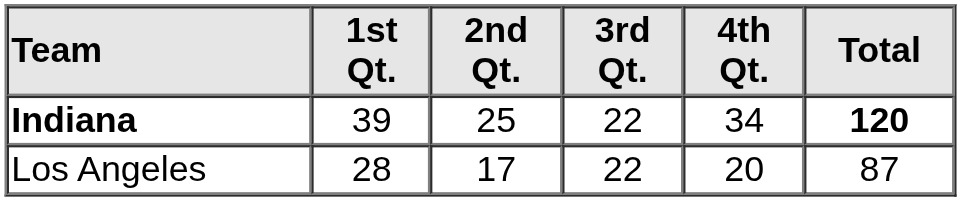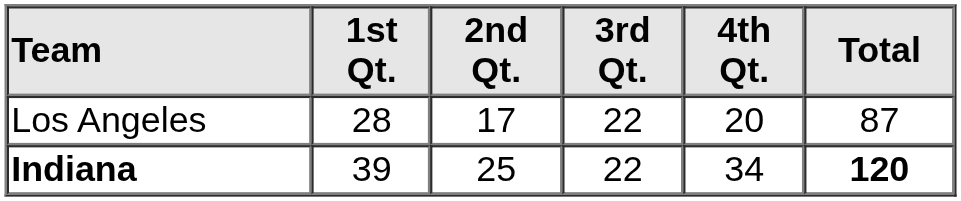 <table border=1 cellspacing=0 width=425 style="margin-left:3em;">
 <tr style="text-align:center; background-color:#e6e6e6;">
 <th align=left width=16%>Team</th>
 <th width=6%>1st Qt.</th>
 <th width=6%>2nd Qt.</th>
 <th width=6%>3rd Qt.</th>
 <th width=6%>4th Qt.</th>
 <th width=6%>Total</th>
 </tr>
 <tr style="text-align:center;">
+<td align=left>Los Angeles</td>
+<td>28</td>
+<td>17</td>
+<td>22</td>
+<td>20</td>
+<td>87</td>
+</tr>
+<tr style="text-align:center;">
 <td align=left><strong>Indiana</strong></td>
 <td>39</td>
 <td>25</td>
 <td>22</td>
 <td>34</td>
 <td><strong>120</strong></td>
 </tr>
 <tr style="text-align:center;">
-<td align=left>Los Angeles</td>
-<td>28</td>
-<td>17</td>
-<td>22</td>
-<td>20</td>
-<td>87</td>
-</tr>
-<tr style="text-align:center;">
 </tr>
 </table>
